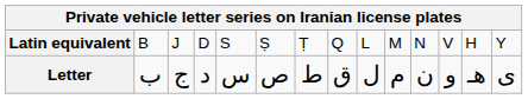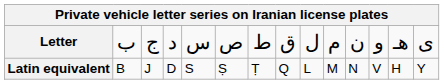 <table class="wikitable">
 <tr>
 <th colspan="14">Private vehicle letter series on Iranian license plates</th>
+</tr>
+<tr>
+<th>Letter</th>
+<td style="font-size:150%">ب</td>
+<td style="font-size:150%">ج</td>
+<td style="font-size:150%">د</td>
+<td style="font-size:150%">س</td>
+<td style="font-size:150%">‌ص</td>
+<td style="font-size:150%">ط</td>
+<td style="font-size:150%">ق</td>
+<td style="font-size:150%">ل</td>
+<td style="font-size:150%">م</td>
+<td style="font-size:150%">ن</td>
+<td style="font-size:150%">و</td>
+<td style="font-size:150%">هـ</td>
+<td style="font-size:150%">ی</td>
 </tr>
 <tr>
 <th>Latin equivalent</th>
 <td>B</td>
 <td>J</td>
 <td>D</td>
 <td>S</td>
 <td>Ṣ</td>
 <td>Ṭ</td>
 <td>Q</td>
 <td>L</td>
 <td>M</td>
 <td>N</td>
 <td>V</td>
 <td>H</td>
 <td>Y</td>
 </tr>
-<tr>
-<th>Letter</th>
-<td style="font-size:150%">ب</td>
-<td style="font-size:150%">ج</td>
-<td style="font-size:150%">د</td>
-<td style="font-size:150%">س</td>
-<td style="font-size:150%">‌ص</td>
-<td style="font-size:150%">ط</td>
-<td style="font-size:150%">ق</td>
-<td style="font-size:150%">ل</td>
-<td style="font-size:150%">م</td>
-<td style="font-size:150%">ن</td>
-<td style="font-size:150%">و</td>
-<td style="font-size:150%">هـ</td>
-<td style="font-size:150%">ی</td>
-</tr>
 </table>
